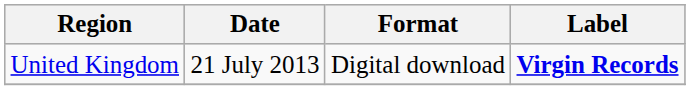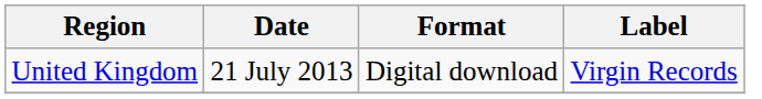 <table class=wikitable>
 <tr>
 <th>Region</th>
 <th>Date</th>
 <th>Format</th>
 <th>Label</th>
 </tr>
 <tr>
 <td><a href='#'>United Kingdom</a></td>
 <td>21 July 2013</td>
 <td>Digital download</td>
-<td><strong><a href='#'>Virgin Records</a></strong></td>
+<td><a href='#'>Virgin Records</a></td>
 </tr>
 <tr>
 </tr>
 </table>
